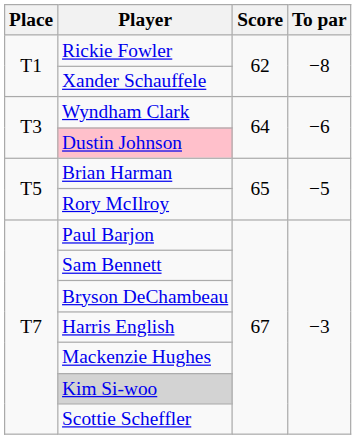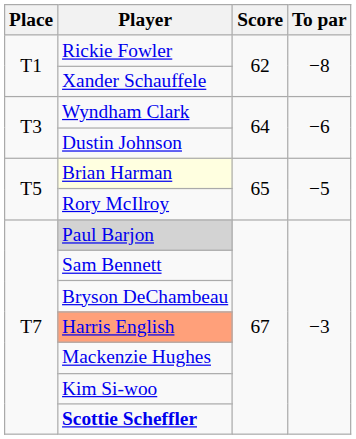 <table class="wikitable">
 <tr>
 <th>Place</th>
 <th>Player</th>
 <th>Score</th>
 <th>To par</th>
 </tr>
 <tr>
 <td rowspan=2 align=center>T1</td>
 <td> <a href='#'>Rickie Fowler</a></td>
 <td rowspan=2 align=center>62</td>
 <td rowspan=2 align=center>−8</td>
 </tr>
 <tr>
 <td> <a href='#'>Xander Schauffele</a></td>
 </tr>
 <tr>
 <td rowspan=2 align=center>T3</td>
 <td> <a href='#'>Wyndham Clark</a></td>
 <td rowspan=2 align=center>64</td>
 <td rowspan=2 align=center>−6</td>
 </tr>
 <tr>
-<td style="background: pink;"> <a href='#'>Dustin Johnson</a></td>
+<td> <a href='#'>Dustin Johnson</a></td>
 </tr>
 <tr>
 <td rowspan=2 align=center>T5</td>
-<td> <a href='#'>Brian Harman</a></td>
+<td style="background: lightyellow;"> <a href='#'>Brian Harman</a></td>
 <td rowspan=2 align=center>65</td>
 <td rowspan=2 align=center>−5</td>
 </tr>
 <tr>
 <td> <a href='#'>Rory McIlroy</a></td>
 </tr>
 <tr>
 <td rowspan=7 align=center>T7</td>
-<td> <a href='#'>Paul Barjon</a></td>
+<td style="background: lightgrey;"> <a href='#'>Paul Barjon</a></td>
 <td rowspan=7 align=center>67</td>
 <td rowspan=7 align=center>−3</td>
 </tr>
 <tr>
 <td> <a href='#'>Sam Bennett</a></td>
 </tr>
 <tr>
 <td> <a href='#'>Bryson DeChambeau</a></td>
 </tr>
 <tr>
-<td> <a href='#'>Harris English</a></td>
+<td style="background: lightsalmon;"> <a href='#'>Harris English</a></td>
 </tr>
 <tr>
 <td> <a href='#'>Mackenzie Hughes</a></td>
 </tr>
 <tr>
-<td style="background: lightgrey;"> <a href='#'>Kim Si-woo</a></td>
+<td> <a href='#'>Kim Si-woo</a></td>
 </tr>
 <tr>
-<td> <a href='#'>Scottie Scheffler</a></td>
+<td><strong> <a href='#'>Scottie Scheffler</a></strong></td>
 </tr>
 </table>
